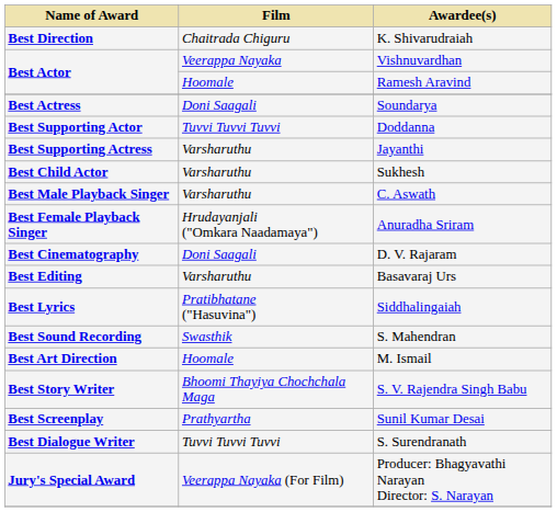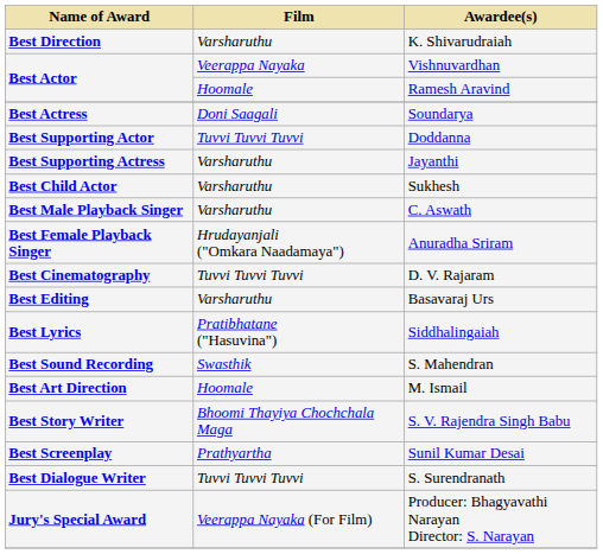 <table class="wikitable" style="width:100%;">
 <tr>
 <th style="background-color:#EFE4B0;">Name of Award</th>
 <th style="background-color:#EFE4B0;">Film</th>
 <th style="background-color:#EFE4B0;">Awardee(s)</th>
 </tr>
 <tr style="background-color:#F4F4F4">
 <td><strong><a href='#'>Best Direction</a></strong></td>
-<td><em>Chaitrada Chiguru</em></td>
+<td><em>Varsharuthu</em></td>
 <td>K. Shivarudraiah</td>
 </tr>
 <tr style="background-color:#F4F4F4">
 <td rowspan="2"><strong><a href='#'>Best Actor</a></strong></td>
 <td><em><a href='#'>Veerappa Nayaka</a></em></td>
 <td><a href='#'>Vishnuvardhan</a></td>
 </tr>
 <tr style="background-color:#F4F4F4">
 <td><em><a href='#'>Hoomale</a></em></td>
 <td><a href='#'>Ramesh Aravind</a></td>
 </tr>
 <tr>
 </tr>
 <tr style="background-color:#F4F4F4">
 <td><strong><a href='#'>Best Actress</a></strong></td>
 <td><em><a href='#'>Doni Saagali</a></em></td>
 <td><a href='#'>Soundarya</a></td>
 </tr>
 <tr style="background-color:#F4F4F4">
 <td><strong><a href='#'>Best Supporting Actor</a></strong></td>
 <td><em><a href='#'>Tuvvi Tuvvi Tuvvi</a></em></td>
 <td><a href='#'>Doddanna</a></td>
 </tr>
 <tr style="background-color:#F4F4F4">
 <td><strong><a href='#'>Best Supporting Actress</a></strong></td>
 <td><em>Varsharuthu</em></td>
 <td><a href='#'>Jayanthi</a></td>
 </tr>
 <tr style="background-color:#F4F4F4">
 <td><strong><a href='#'>Best Child Actor</a></strong></td>
 <td><em>Varsharuthu</em></td>
 <td>Sukhesh</td>
 </tr>
 <tr style="background-color:#F4F4F4">
 <td><strong><a href='#'>Best Male Playback Singer</a></strong></td>
 <td><em>Varsharuthu</em></td>
 <td><a href='#'>C. Aswath</a></td>
 </tr>
 <tr style="background-color:#F4F4F4">
 <td><strong><a href='#'>Best Female Playback Singer</a></strong></td>
 <td><em>Hrudayanjali</em><br>("Omkara Naadamaya")</td>
 <td><a href='#'>Anuradha Sriram</a></td>
 </tr>
 <tr style="background-color:#F4F4F4">
 <td><strong><a href='#'>Best Cinematography</a></strong></td>
-<td><em><a href='#'>Doni Saagali</a></em></td>
+<td><em>Tuvvi Tuvvi Tuvvi</em></td>
 <td>D. V. Rajaram</td>
 </tr>
 <tr style="background-color:#F4F4F4">
 <td><strong><a href='#'>Best Editing</a></strong></td>
 <td><em>Varsharuthu</em></td>
 <td>Basavaraj Urs</td>
 </tr>
 <tr style="background-color:#F4F4F4">
 <td><strong><a href='#'>Best Lyrics</a></strong></td>
 <td><em><a href='#'>Pratibhatane</a></em><br>("Hasuvina")</td>
 <td><a href='#'>Siddhalingaiah</a></td>
 </tr>
 <tr style="background-color:#F4F4F4">
 <td><strong><a href='#'>Best Sound Recording</a></strong></td>
 <td><em><a href='#'>Swasthik</a></em></td>
 <td>S. Mahendran</td>
 </tr>
 <tr style="background-color:#F4F4F4">
 <td><strong><a href='#'>Best Art Direction</a></strong></td>
 <td><em><a href='#'>Hoomale</a></em></td>
 <td>M. Ismail</td>
 </tr>
 <tr style="background-color:#F4F4F4">
 <td><strong><a href='#'>Best Story Writer</a></strong></td>
 <td><em><a href='#'>Bhoomi Thayiya Chochchala Maga</a></em></td>
 <td><a href='#'>S. V. Rajendra Singh Babu</a></td>
 </tr>
 <tr style="background-color:#F4F4F4">
 <td><strong><a href='#'>Best Screenplay</a></strong></td>
 <td><em><a href='#'>Prathyartha</a></em></td>
 <td><a href='#'>Sunil Kumar Desai</a></td>
 </tr>
 <tr style="background-color:#F4F4F4">
 <td><strong><a href='#'>Best Dialogue Writer</a></strong></td>
 <td><em>Tuvvi Tuvvi Tuvvi</em></td>
 <td>S. Surendranath</td>
 </tr>
 <tr style="background-color:#F4F4F4">
 <td><strong><a href='#'>Jury's Special Award</a></strong></td>
 <td><em><a href='#'>Veerappa Nayaka</a></em> (For Film)</td>
 <td>Producer: Bhagyavathi Narayan<br>Director: <a href='#'>S. Narayan</a></td>
 </tr>
 <tr style="background-color:#F4F4F4">
 </tr>
 </table>
